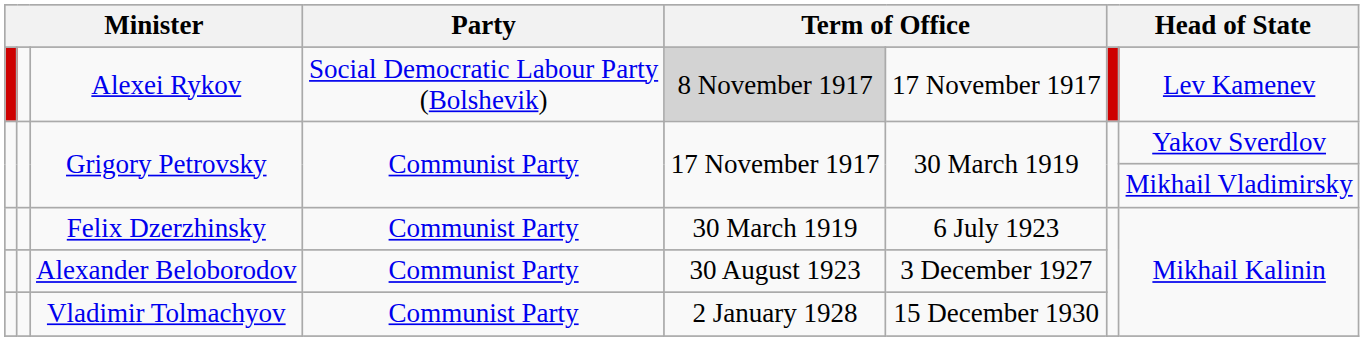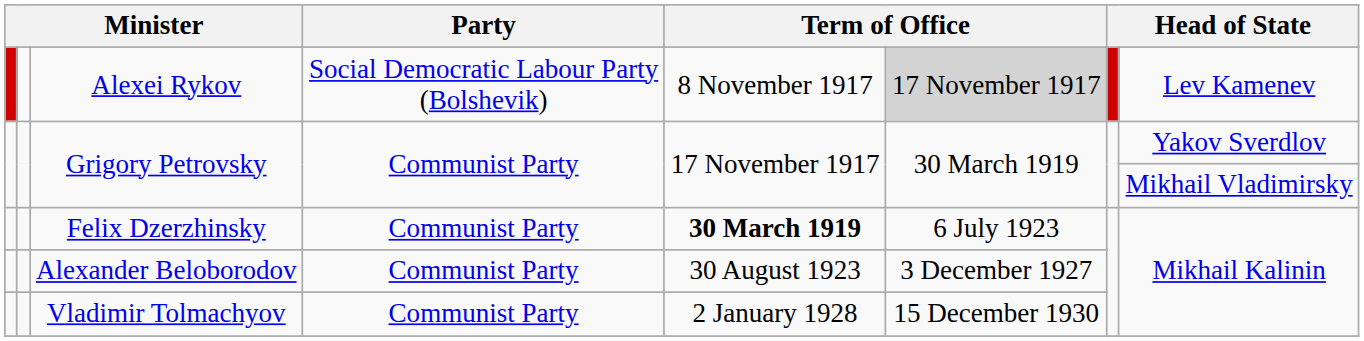 <table class="wikitable" style="text-align:center;">
 <tr>
 <th colspan=3>Minister</th>
 <th>Party</th>
 <th colspan=2>Term of Office</th>
 <th colspan=2>Head of State</th>
 </tr>
 <tr>
 <td style="background: #CE0000;"></td>
 <td></td>
 <td><a href='#'>Alexei Rykov</a></td>
 <td><a href='#'>Social Democratic Labour Party</a><br>(<a href='#'>Bolshevik</a>)</td>
-<td style="background: lightgrey;">8 November 1917</td>
-<td>17 November 1917</td>
+<td>8 November 1917</td>
+<td style="background: lightgrey;">17 November 1917</td>
 <td style="background: #CE0000;"></td>
 <td rowspan=2><a href='#'>Lev Kamenev</a></td>
 </tr>
 <tr>
 <td rowspan=3 style="background:"></td>
 <td rowspan=3></td>
 <td rowspan=3><a href='#'>Grigory Petrovsky</a></td>
 <td rowspan=3><a href='#'>Communist Party</a></td>
 <td rowspan=3>17 November 1917</td>
 <td rowspan=3>30 March 1919</td>
 <td rowspan=3 style="background:"></td>
 </tr>
 <tr>
 <td><a href='#'>Yakov Sverdlov</a></td>
 </tr>
 <tr>
 <td><a href='#'>Mikhail Vladimirsky</a></td>
 </tr>
 <tr>
 <td style="background:"></td>
 <td></td>
 <td><a href='#'>Felix Dzerzhinsky</a></td>
 <td><a href='#'>Communist Party</a></td>
-<td>30 March 1919</td>
+<td><strong>30 March 1919</strong></td>
 <td>6 July 1923</td>
 <td rowspan=3 style="background:"></td>
 <td rowspan=3><a href='#'>Mikhail Kalinin</a></td>
 </tr>
 <tr>
 <td style="background:"></td>
 <td></td>
 <td><a href='#'>Alexander Beloborodov</a></td>
 <td><a href='#'>Communist Party</a></td>
 <td>30 August 1923</td>
 <td>3 December 1927</td>
 </tr>
 <tr>
 <td style="background:"></td>
 <td></td>
 <td><a href='#'>Vladimir Tolmachyov</a></td>
 <td><a href='#'>Communist Party</a></td>
 <td>2 January 1928</td>
 <td>15 December 1930</td>
 </tr>
 </table>
